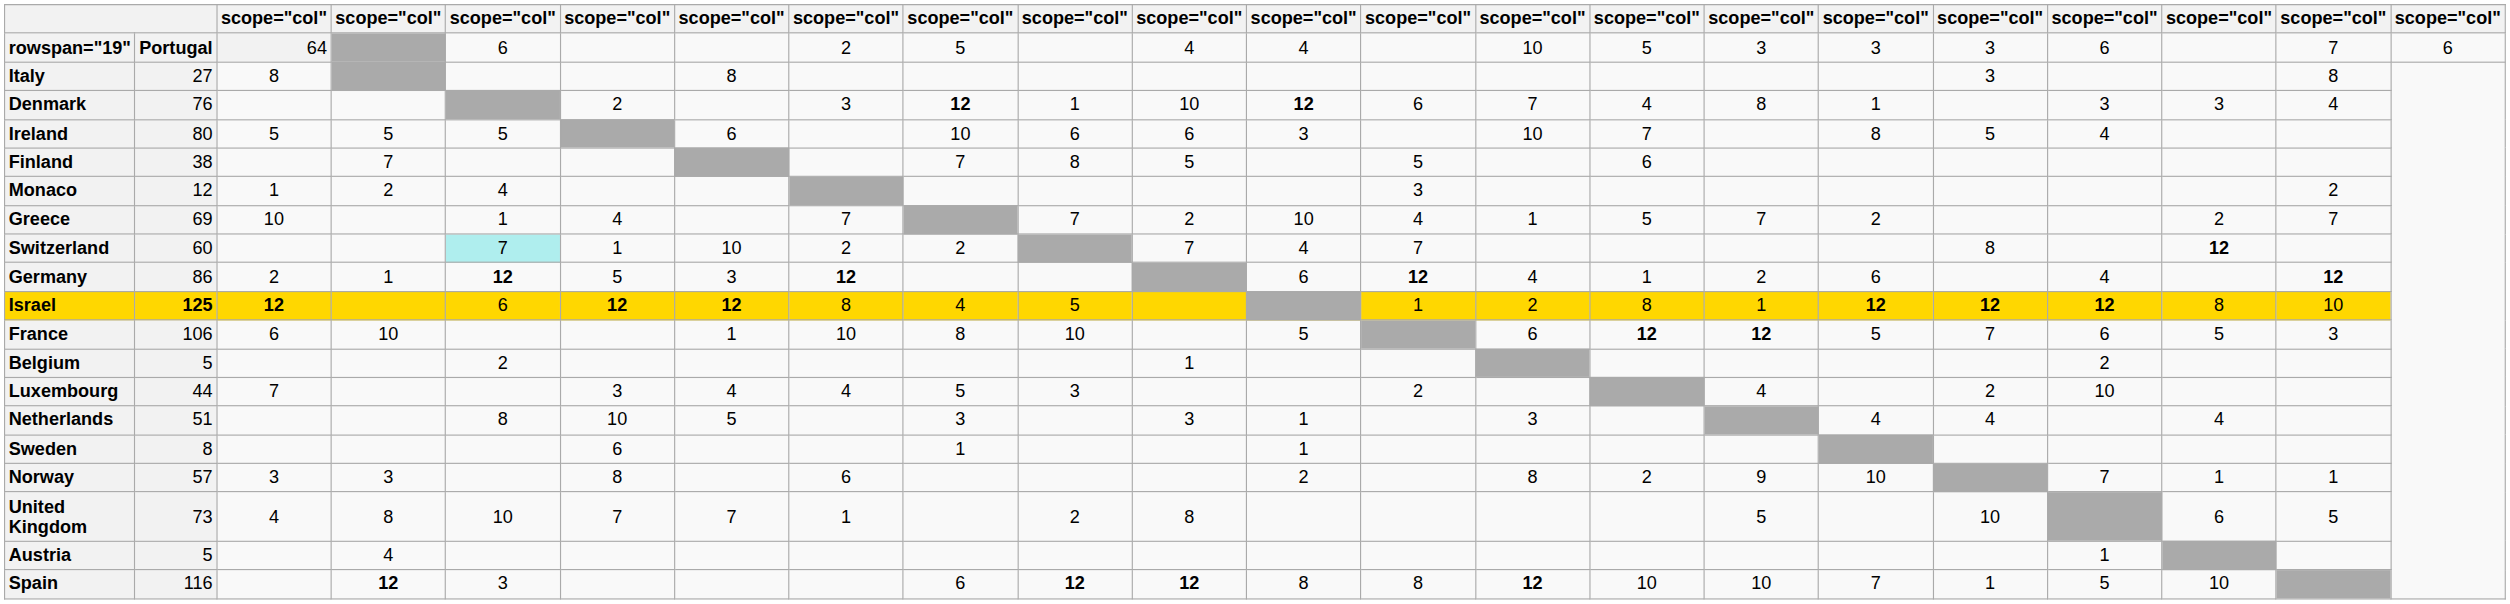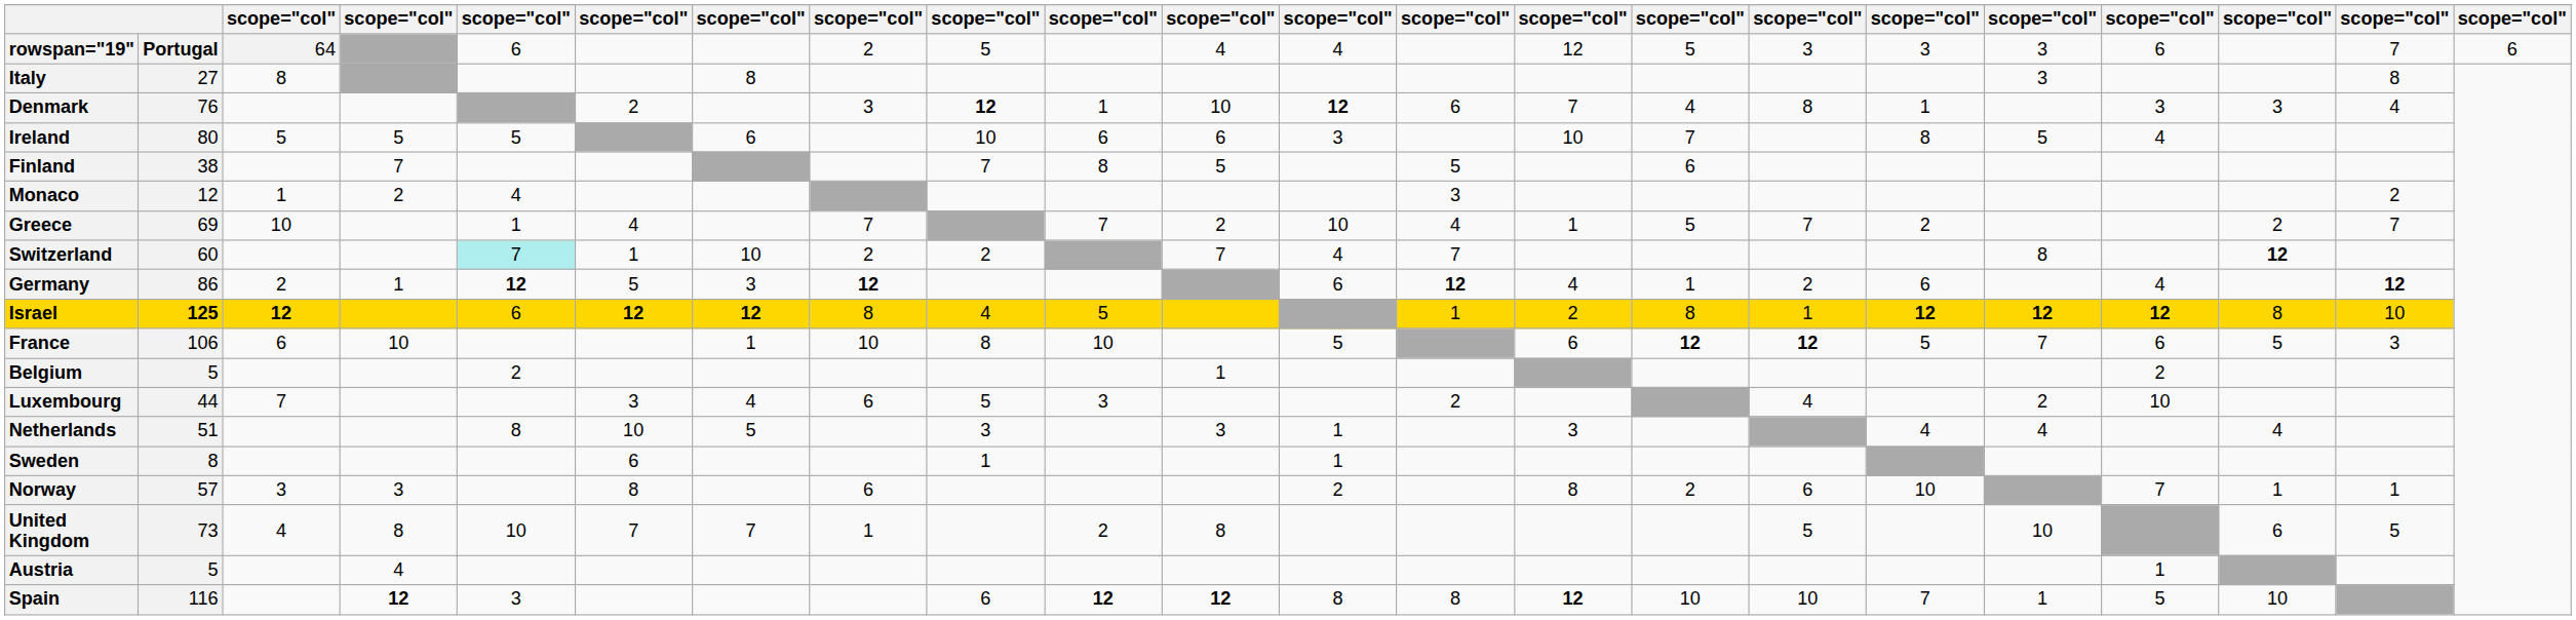 <table class="wikitable plainrowheaders" style="text-align:center;">
 <tr>
 </tr>
 <tr>
 <th colspan="2"></th>
 <th>scope="col" </th>
 <th>scope="col" </th>
 <th>scope="col" </th>
 <th>scope="col" </th>
 <th>scope="col" </th>
 <th>scope="col" </th>
 <th>scope="col" </th>
 <th>scope="col" </th>
 <th>scope="col" </th>
 <th>scope="col" </th>
 <th>scope="col" </th>
 <th>scope="col" </th>
 <th>scope="col" </th>
 <th>scope="col" </th>
 <th>scope="col" </th>
 <th>scope="col" </th>
 <th>scope="col" </th>
 <th>scope="col" </th>
 <th>scope="col" </th>
 <th>scope="col" </th>
 </tr>
 <tr>
 <th>rowspan="19" </th>
 <th scope="row" style="text-align:left; background:#f2f2f2;">Portugal</th>
 <td style="text-align:right; background:#f2f2f2;">64</td>
 <td style="text-align:left; background:#aaa;"></td>
 <td>6</td>
 <td></td>
 <td></td>
 <td>2</td>
 <td>5</td>
 <td></td>
 <td>4</td>
 <td>4</td>
 <td></td>
-<td>10</td>
+<td>12</td>
 <td>5</td>
 <td>3</td>
 <td>3</td>
 <td>3</td>
 <td>6</td>
 <td></td>
 <td>7</td>
 <td>6</td>
 </tr>
 <tr>
 <th scope="row" style="text-align:left; background:#f2f2f2;">Italy</th>
 <td style="text-align:right; background:#f2f2f2;">27</td>
 <td>8</td>
 <td style="text-align:left; background:#aaa;"></td>
 <td></td>
 <td></td>
 <td>8</td>
 <td></td>
 <td></td>
 <td></td>
 <td></td>
 <td></td>
 <td></td>
 <td></td>
 <td></td>
 <td></td>
 <td></td>
 <td>3</td>
 <td></td>
 <td></td>
 <td>8</td>
 </tr>
 <tr>
 <th scope="row" style="text-align:left; background:#f2f2f2;">Denmark</th>
 <td style="text-align:right; background:#f2f2f2;">76</td>
 <td></td>
 <td></td>
 <td style="text-align:left; background:#aaa;"></td>
 <td>2</td>
 <td></td>
 <td>3</td>
 <td><strong>12</strong></td>
 <td>1</td>
 <td>10</td>
 <td><strong>12</strong></td>
 <td>6</td>
 <td>7</td>
 <td>4</td>
 <td>8</td>
 <td>1</td>
 <td></td>
 <td>3</td>
 <td>3</td>
 <td>4</td>
 </tr>
 <tr>
 <th scope="row" style="text-align:left; background:#f2f2f2;">Ireland</th>
 <td style="text-align:right; background:#f2f2f2;">80</td>
 <td>5</td>
 <td>5</td>
 <td>5</td>
 <td style="text-align:left; background:#aaa;"></td>
 <td>6</td>
 <td></td>
 <td>10</td>
 <td>6</td>
 <td>6</td>
 <td>3</td>
 <td></td>
 <td>10</td>
 <td>7</td>
 <td></td>
 <td>8</td>
 <td>5</td>
 <td>4</td>
 <td></td>
 <td></td>
 </tr>
 <tr>
 <th scope="row" style="text-align:left; background:#f2f2f2;">Finland</th>
 <td style="text-align:right; background:#f2f2f2;">38</td>
 <td></td>
 <td>7</td>
 <td></td>
 <td></td>
 <td style="text-align:left; background:#aaa;"></td>
 <td></td>
 <td>7</td>
 <td>8</td>
 <td>5</td>
 <td></td>
 <td>5</td>
 <td></td>
 <td>6</td>
 <td></td>
 <td></td>
 <td></td>
 <td></td>
 <td></td>
 <td></td>
 </tr>
 <tr>
 <th scope="row" style="text-align:left; background:#f2f2f2;">Monaco</th>
 <td style="text-align:right; background:#f2f2f2;">12</td>
 <td>1</td>
 <td>2</td>
 <td>4</td>
 <td></td>
 <td></td>
 <td style="text-align:left; background:#aaa;"></td>
 <td></td>
 <td></td>
 <td></td>
 <td></td>
 <td>3</td>
 <td></td>
 <td></td>
 <td></td>
 <td></td>
 <td></td>
 <td></td>
 <td></td>
 <td>2</td>
 </tr>
 <tr>
 <th scope="row" style="text-align:left; background:#f2f2f2;">Greece</th>
 <td style="text-align:right; background:#f2f2f2;">69</td>
 <td>10</td>
 <td></td>
 <td>1</td>
 <td>4</td>
 <td></td>
 <td>7</td>
 <td style="text-align:left; background:#aaa;"></td>
 <td>7</td>
 <td>2</td>
 <td>10</td>
 <td>4</td>
 <td>1</td>
 <td>5</td>
 <td>7</td>
 <td>2</td>
 <td></td>
 <td></td>
 <td>2</td>
 <td>7</td>
 </tr>
 <tr>
 <th scope="row" style="text-align:left; background:#f2f2f2;">Switzerland</th>
 <td style="text-align:right; background:#f2f2f2;">60</td>
 <td></td>
 <td></td>
 <td style="background: paleturquoise;">7</td>
 <td>1</td>
 <td>10</td>
 <td>2</td>
 <td>2</td>
 <td style="text-align:left; background:#aaa;"></td>
 <td>7</td>
 <td>4</td>
 <td>7</td>
 <td></td>
 <td></td>
 <td></td>
 <td></td>
 <td>8</td>
 <td></td>
 <td><strong>12</strong></td>
 <td></td>
 </tr>
 <tr>
 <th scope="row" style="text-align:left; background:#f2f2f2;">Germany</th>
 <td style="text-align:right; background:#f2f2f2;">86</td>
 <td>2</td>
 <td>1</td>
 <td><strong>12</strong></td>
 <td>5</td>
 <td>3</td>
 <td><strong>12</strong></td>
 <td></td>
 <td></td>
 <td style="text-align:left; background:#aaa;"></td>
 <td>6</td>
 <td><strong>12</strong></td>
 <td>4</td>
 <td>1</td>
 <td>2</td>
 <td>6</td>
 <td></td>
 <td>4</td>
 <td></td>
 <td><strong>12</strong></td>
 </tr>
 <tr style="background:gold;">
 <th scope="row" style="text-align:left; font-weight:bold; background:gold;">Israel</th>
 <td style="text-align:right; font-weight:bold;">125</td>
 <td><strong>12</strong></td>
 <td></td>
 <td>6</td>
 <td><strong>12</strong></td>
 <td><strong>12</strong></td>
 <td>8</td>
 <td>4</td>
 <td>5</td>
 <td></td>
 <td style="text-align:left; background:#aaa;"></td>
 <td>1</td>
 <td>2</td>
 <td>8</td>
 <td>1</td>
 <td><strong>12</strong></td>
 <td><strong>12</strong></td>
 <td><strong>12</strong></td>
 <td>8</td>
 <td>10</td>
 </tr>
 <tr>
 <th scope="row" style="text-align:left; background:#f2f2f2;">France</th>
 <td style="text-align:right; background:#f2f2f2;">106</td>
 <td>6</td>
 <td>10</td>
 <td></td>
 <td></td>
 <td>1</td>
 <td>10</td>
 <td>8</td>
 <td>10</td>
 <td></td>
 <td>5</td>
 <td style="text-align:left; background:#aaa;"></td>
 <td>6</td>
 <td><strong>12</strong></td>
 <td><strong>12</strong></td>
 <td>5</td>
 <td>7</td>
 <td>6</td>
 <td>5</td>
 <td>3</td>
 </tr>
 <tr>
 <th scope="row" style="text-align:left; background:#f2f2f2;">Belgium</th>
 <td style="text-align:right; background:#f2f2f2;">5</td>
 <td></td>
 <td></td>
 <td>2</td>
 <td></td>
 <td></td>
 <td></td>
 <td></td>
 <td></td>
 <td>1</td>
 <td></td>
 <td></td>
 <td style="text-align:left; background:#aaa;"></td>
 <td></td>
 <td></td>
 <td></td>
 <td></td>
 <td>2</td>
 <td></td>
 <td></td>
 </tr>
 <tr>
 <th scope="row" style="text-align:left; background:#f2f2f2;">Luxembourg</th>
 <td style="text-align:right; background:#f2f2f2;">44</td>
 <td>7</td>
 <td></td>
 <td></td>
 <td>3</td>
 <td>4</td>
-<td>4</td>
+<td>6</td>
 <td>5</td>
 <td>3</td>
 <td></td>
 <td></td>
 <td>2</td>
 <td></td>
 <td style="text-align:left; background:#aaa;"></td>
 <td>4</td>
 <td></td>
 <td>2</td>
 <td>10</td>
 <td></td>
 <td></td>
 </tr>
 <tr>
 <th scope="row" style="text-align:left; background:#f2f2f2;">Netherlands</th>
 <td style="text-align:right; background:#f2f2f2;">51</td>
 <td></td>
 <td></td>
 <td>8</td>
 <td>10</td>
 <td>5</td>
 <td></td>
 <td>3</td>
 <td></td>
 <td>3</td>
 <td>1</td>
 <td></td>
 <td>3</td>
 <td></td>
 <td style="text-align:left; background:#aaa;"></td>
 <td>4</td>
 <td>4</td>
 <td></td>
 <td>4</td>
 <td></td>
 </tr>
 <tr>
 <th scope="row" style="text-align:left; background:#f2f2f2;">Sweden</th>
 <td style="text-align:right; background:#f2f2f2;">8</td>
 <td></td>
 <td></td>
 <td></td>
 <td>6</td>
 <td></td>
 <td></td>
 <td>1</td>
 <td></td>
 <td></td>
 <td>1</td>
 <td></td>
 <td></td>
 <td></td>
 <td></td>
 <td style="text-align:left; background:#aaa;"></td>
 <td></td>
 <td></td>
 <td></td>
 <td></td>
 </tr>
 <tr>
 <th scope="row" style="text-align:left; background:#f2f2f2;">Norway</th>
 <td style="text-align:right; background:#f2f2f2;">57</td>
 <td>3</td>
 <td>3</td>
 <td></td>
 <td>8</td>
 <td></td>
 <td>6</td>
 <td></td>
 <td></td>
 <td></td>
 <td>2</td>
 <td></td>
 <td>8</td>
 <td>2</td>
-<td>9</td>
+<td>6</td>
 <td>10</td>
 <td style="text-align:left; background:#aaa;"></td>
 <td>7</td>
 <td>1</td>
 <td>1</td>
 </tr>
 <tr>
 <th scope="row" style="text-align:left; background:#f2f2f2;">United Kingdom</th>
 <td style="text-align:right; background:#f2f2f2;">73</td>
 <td>4</td>
 <td>8</td>
 <td>10</td>
 <td>7</td>
 <td>7</td>
 <td>1</td>
 <td></td>
 <td>2</td>
 <td>8</td>
 <td></td>
 <td></td>
 <td></td>
 <td></td>
 <td>5</td>
 <td></td>
 <td>10</td>
 <td style="text-align:left; background:#aaa;"></td>
 <td>6</td>
 <td>5</td>
 </tr>
 <tr>
 <th scope="row" style="text-align:left; background:#f2f2f2;">Austria</th>
 <td style="text-align:right; background:#f2f2f2;">5</td>
 <td></td>
 <td>4</td>
 <td></td>
 <td></td>
 <td></td>
 <td></td>
 <td></td>
 <td></td>
 <td></td>
 <td></td>
 <td></td>
 <td></td>
 <td></td>
 <td></td>
 <td></td>
 <td></td>
 <td>1</td>
 <td style="text-align:left; background:#aaa;"></td>
 <td></td>
 </tr>
 <tr>
 <th scope="row" style="text-align:left; background:#f2f2f2;">Spain</th>
 <td style="text-align:right; background:#f2f2f2;">116</td>
 <td></td>
 <td><strong>12</strong></td>
 <td>3</td>
 <td></td>
 <td></td>
 <td></td>
 <td>6</td>
 <td><strong>12</strong></td>
 <td><strong>12</strong></td>
 <td>8</td>
 <td>8</td>
 <td><strong>12</strong></td>
 <td>10</td>
 <td>10</td>
 <td>7</td>
 <td>1</td>
 <td>5</td>
 <td>10</td>
 <td style="text-align:left; background:#aaa;"></td>
 </tr>
 </table>
